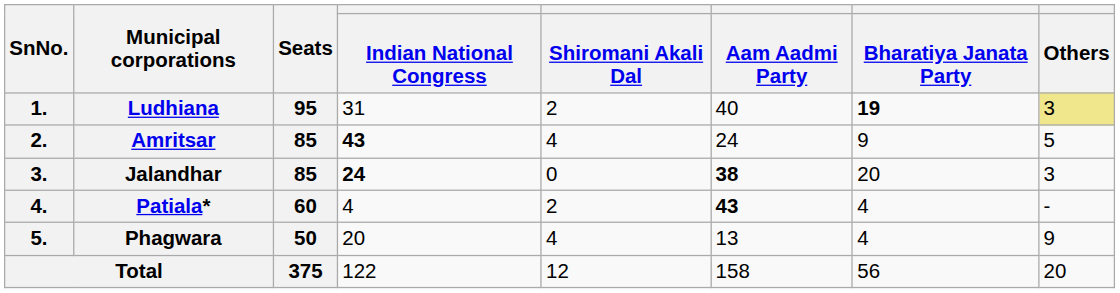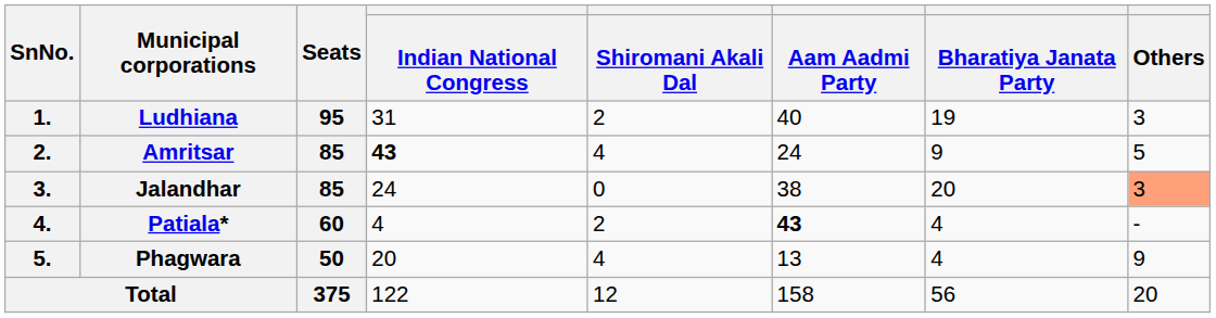 <table class="wikitable sortable">
 <tr>
 <th rowspan="2">SnNo.</th>
 <th rowspan="2">Municipal corporations</th>
 <th rowspan="2">Seats</th>
 <th style="background:"></th>
 <th style="background:"></th>
 <th style="background:"></th>
 <th style="background:"></th>
 <th style="background:"></th>
 </tr>
 <tr>
 <th><br><a href='#'>Indian National Congress</a></th>
 <th><br><a href='#'>Shiromani Akali Dal</a></th>
 <th><br><a href='#'>Aam Aadmi Party</a></th>
 <th><br><a href='#'>Bharatiya Janata Party</a></th>
 <th>Others</th>
 </tr>
 <tr>
 <th>1.</th>
 <th><a href='#'>Ludhiana</a></th>
 <th>95</th>
 <td>31</td>
 <td>2</td>
 <td>40</td>
-<td><strong>19</strong></td>
-<td style="background: khaki;">3</td>
+<td>19</td>
+<td>3</td>
 </tr>
 <tr>
 <th>2.</th>
 <th><a href='#'>Amritsar</a></th>
 <th>85</th>
 <td><strong>43</strong></td>
 <td>4</td>
 <td>24</td>
 <td>9</td>
 <td>5</td>
 </tr>
 <tr>
 <th>3.</th>
 <th>Jalandhar</th>
 <th>85</th>
-<td><strong>24</strong></td>
+<td>24</td>
 <td>0</td>
-<td><strong>38</strong></td>
+<td>38</td>
 <td>20</td>
-<td>3</td>
+<td style="background: lightsalmon;">3</td>
 </tr>
 <tr>
 <th>4.</th>
 <th><a href='#'>Patiala</a>*</th>
 <th>60</th>
 <td>4</td>
 <td>2</td>
 <td><strong>43</strong></td>
 <td>4</td>
 <td>-</td>
 </tr>
 <tr>
 <th>5.</th>
 <th>Phagwara</th>
 <th>50</th>
 <td>20</td>
 <td>4</td>
 <td>13</td>
 <td>4</td>
 <td>9</td>
 </tr>
 <tr>
 <th colspan="2">Total</th>
 <th>375</th>
 <td>122</td>
 <td>12</td>
 <td>158</td>
 <td>56</td>
 <td>20</td>
 </tr>
 </table>
